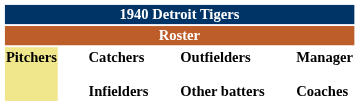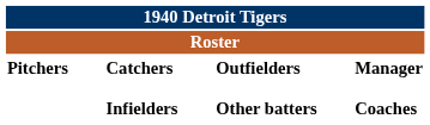 <table class="toccolours" style="font-size: 95%;">
 <tr>
 <th colspan="10" style="background-color: #003366; color: white; text-align: center;">1940 Detroit Tigers</th>
 </tr>
 <tr>
 <td colspan="10" style="background-color: #bd5d29; color: white; text-align: center;"><strong>Roster</strong></td>
 </tr>
 <tr>
-<td valign="top" style="background: khaki;"><strong>Pitchers</strong><br>                </td>
+<td valign="top"><strong>Pitchers</strong><br>                </td>
 <td width="25px"></td>
 <td valign="top"><strong>Catchers</strong><br> <br><strong>Infielders</strong>        </td>
 <td width="25px"></td>
 <td valign="top"><strong>Outfielders</strong><br>      <br><strong>Other batters</strong> </td>
 <td width="25px"></td>
 <td valign="top"><strong>Manager</strong><br><br><strong>Coaches</strong>   </td>
 </tr>
 </table>
